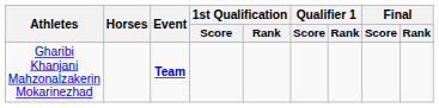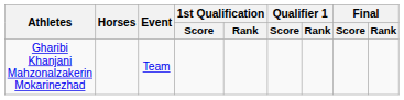 <table class=wikitable style="font-size:90%">
 <tr>
 <th rowspan="2">Athletes</th>
 <th rowspan="2">Horses</th>
 <th rowspan="2">Event</th>
 <th colspan="2">1st Qualification</th>
 <th colspan="2">Qualifier 1</th>
 <th colspan="2">Final</th>
 </tr>
 <tr style="font-size:95%">
 <th>Score</th>
 <th>Rank</th>
 <th>Score</th>
 <th>Rank</th>
 <th>Score</th>
 <th>Rank</th>
 </tr>
 <tr align=center>
 <td><a href='#'>Gharibi</a><br><a href='#'>Khanjani</a><br><a href='#'>Mahzonalzakerin</a><br><a href='#'>Mokarinezhad</a></td>
 <td></td>
-<td><strong><a href='#'>Team</a></strong></td>
+<td><a href='#'>Team</a></td>
 <td></td>
 <td></td>
 <td></td>
 <td></td>
 <td></td>
 <td></td>
 </tr>
 </table>
